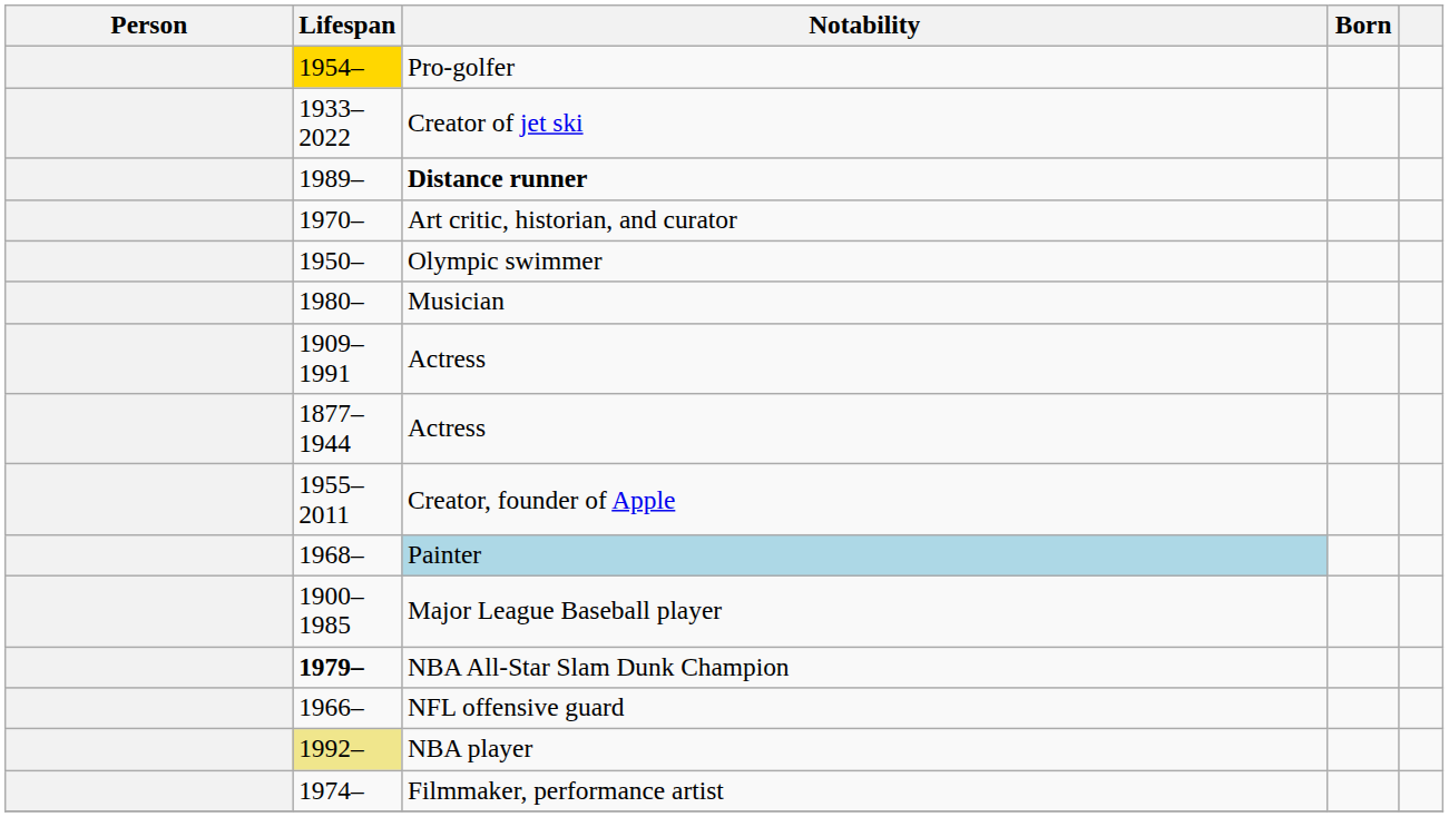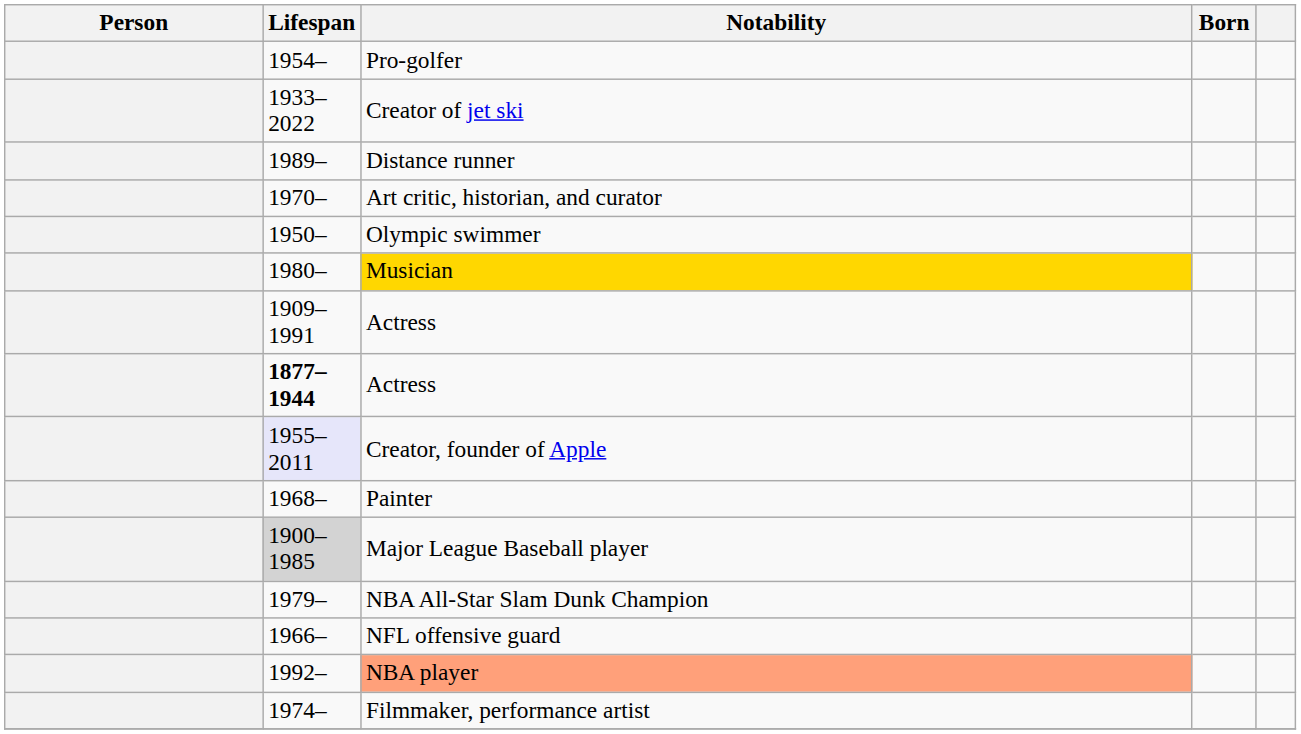 <table class="wikitable plainrowheaders sortable" style="margin-right: 0; width:70%;">
 <tr>
 <th scope="col" width="20%">Person</th>
 <th scope="col" width="6%">Lifespan</th>
 <th scope="col">Notability</th>
 <th scope="col" width="5%">Born</th>
 <th scope="col" class="unsortable" width="3%"></th>
 </tr>
 <tr>
 <th scope="row"></th>
-<td style="background: gold;">1954–</td>
+<td>1954–</td>
 <td>Pro-golfer</td>
 <td></td>
 <td style="text-align:center;"></td>
 </tr>
 <tr>
 <th scope="row"></th>
 <td>1933–2022</td>
 <td>Creator of <a href='#'>jet ski</a></td>
 <td></td>
 <td style="text-align:center;"></td>
 </tr>
 <tr>
 <th scope="row"></th>
 <td>1989–</td>
-<td><strong>Distance runner</strong></td>
+<td>Distance runner</td>
 <td></td>
 <td style="text-align:center;"></td>
 </tr>
 <tr>
 <th scope="row"></th>
 <td>1970–</td>
 <td>Art critic, historian, and curator</td>
 <td></td>
 <td style="text-align:center;"></td>
 </tr>
 <tr>
 <th scope="row"></th>
 <td>1950–</td>
 <td>Olympic swimmer</td>
 <td></td>
 <td style="text-align:center;"></td>
 </tr>
 <tr>
 <th scope="row"></th>
 <td>1980–</td>
-<td>Musician</td>
+<td style="background: gold;">Musician</td>
 <td></td>
 <td style="text-align:center;"></td>
 </tr>
 <tr>
 <th scope="row"></th>
 <td>1909–1991</td>
 <td>Actress</td>
 <td></td>
 <td style="text-align:center;"></td>
 </tr>
 <tr>
 <th scope="row"></th>
-<td>1877–1944</td>
+<td><strong>1877–1944</strong></td>
 <td>Actress</td>
 <td></td>
 <td style="text-align:center;"></td>
 </tr>
 <tr>
 <th scope="row"></th>
-<td>1955–2011</td>
+<td style="background: lavender;">1955–2011</td>
 <td>Creator, founder of <a href='#'>Apple</a></td>
 <td></td>
 <td style="text-align:center;"></td>
 </tr>
 <tr>
 <th scope="row"></th>
 <td>1968–</td>
-<td style="background: lightblue;">Painter</td>
+<td>Painter</td>
 <td></td>
 <td style="text-align:center;"></td>
 </tr>
 <tr>
 <th scope="row"></th>
-<td>1900–1985</td>
+<td style="background: lightgrey;">1900–1985</td>
 <td>Major League Baseball player</td>
 <td></td>
 <td style="text-align:center;"></td>
 </tr>
 <tr>
 <th scope="row"></th>
-<td><strong>1979–</strong></td>
+<td>1979–</td>
 <td>NBA All-Star Slam Dunk Champion</td>
 <td></td>
 <td style="text-align:center;"></td>
 </tr>
 <tr>
 <th scope="row"></th>
 <td>1966–</td>
 <td>NFL offensive guard</td>
 <td></td>
 <td style="text-align:center;"></td>
 </tr>
 <tr>
 <th scope="row"></th>
-<td style="background: khaki;">1992–</td>
-<td>NBA player</td>
+<td>1992–</td>
+<td style="background: lightsalmon;">NBA player</td>
 <td></td>
 <td style="text-align:center;"></td>
 </tr>
 <tr>
 <th scope="row"></th>
 <td>1974–</td>
 <td>Filmmaker, performance artist</td>
 <td></td>
 <td style="text-align:center;"></td>
 </tr>
 <tr>
 </tr>
 </table>
